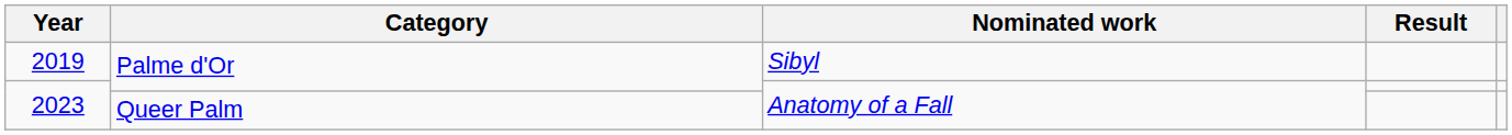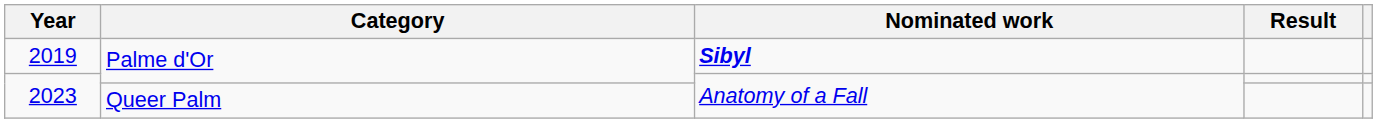 <table class=wikitable>
 <tr>
 <th scope="col" style="width:4em;">Year</th>
 <th scope="col" style="width:27em;">Category</th>
 <th scope="col" style="width:25em;">Nominated work</th>
 <th scope="col" style="width:5em;">Result</th>
 <th></th>
 </tr>
 <tr>
 <td style="text-align:center;"><a href='#'>2019</a></td>
 <td rowspan="2"><a href='#'>Palme d'Or</a></td>
-<td><em><a href='#'>Sibyl</a></em></td>
+<td><strong><em><a href='#'>Sibyl</a></em></strong></td>
 <td></td>
 <td style="text-align:center;"></td>
 </tr>
 <tr>
 <td rowspan="2" style="text-align:center;"><a href='#'>2023</a></td>
 <td rowspan="2"><em><a href='#'>Anatomy of a Fall</a></em></td>
 <td></td>
 <td style="text-align:center;"></td>
 </tr>
 <tr>
 <td><a href='#'>Queer Palm</a></td>
 <td></td>
 <td style="text-align:center;"></td>
 </tr>
 </table>
